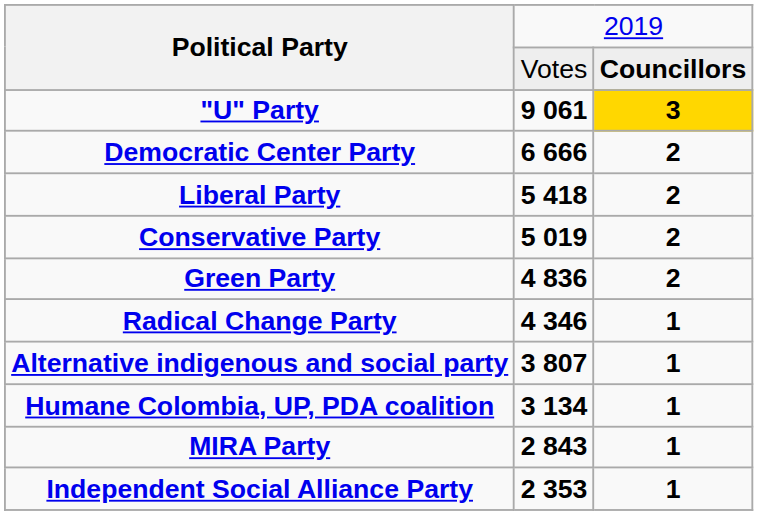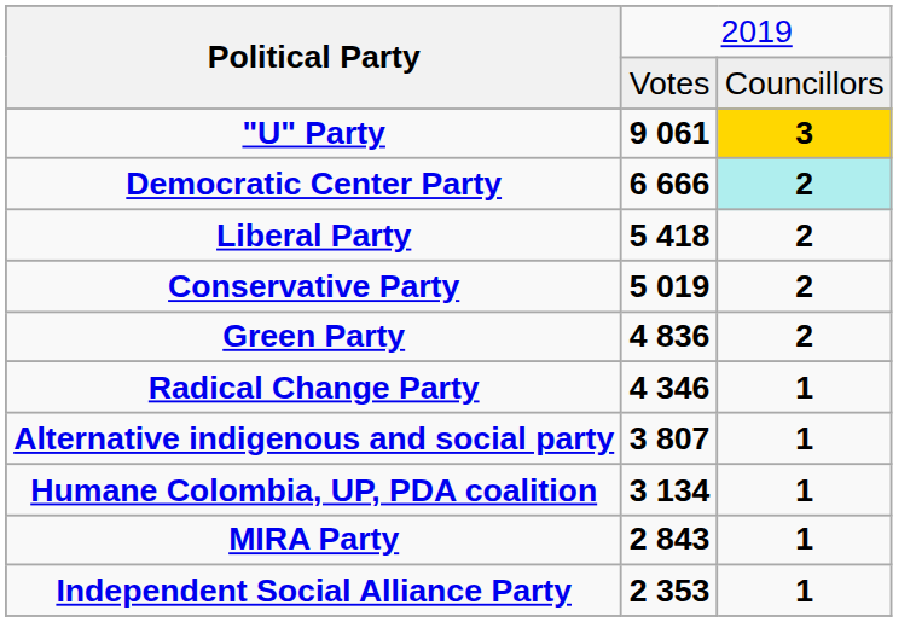 <table class="wikitable" style="font-size: 90%; text-align:center;" align="center">
 <tr>
 <th rowspan=2 colspan=1>Political Party</th>
 <td colspan=3><a href='#'>2019</a></td>
 </tr>
 <tr style="background:#eee">
 <td>Votes</td>
-<td><strong>Councillors</strong></td>
+<td>Councillors</td>
 </tr>
 <tr>
 <td><strong><a href='#'>"U" Party</a></strong></td>
 <td><strong>9 061</strong></td>
 <td style="background: gold;"><strong>3</strong></td>
 </tr>
 <tr>
 <td><strong><a href='#'>Democratic Center Party</a></strong></td>
 <td><strong>6 666</strong></td>
-<td><strong>2</strong></td>
+<td style="background: paleturquoise;"><strong>2</strong></td>
 </tr>
 <tr>
 <td><strong><a href='#'>Liberal Party</a></strong></td>
 <td><strong>5 418</strong></td>
 <td><strong>2</strong></td>
 </tr>
 <tr>
 <td><strong><a href='#'>Conservative Party</a></strong></td>
 <td><strong>5 019</strong></td>
 <td><strong>2</strong></td>
 </tr>
 <tr>
 <td><strong><a href='#'>Green Party</a></strong></td>
 <td><strong>4 836</strong></td>
 <td><strong>2</strong></td>
 </tr>
 <tr>
 <td><strong><a href='#'>Radical Change Party</a></strong></td>
 <td><strong>4 346</strong></td>
 <td><strong>1</strong></td>
 </tr>
 <tr>
 <td><strong><a href='#'> Alternative indigenous and social party</a></strong></td>
 <td><strong>3 807</strong></td>
 <td><strong>1</strong></td>
 </tr>
 <tr>
 <td><strong><a href='#'> Humane Colombia, UP, PDA coalition</a></strong></td>
 <td><strong>3 134</strong></td>
 <td><strong>1</strong></td>
 </tr>
 <tr>
 <td><strong><a href='#'> MIRA Party</a></strong></td>
 <td><strong>2 843</strong></td>
 <td><strong>1</strong></td>
 </tr>
 <tr>
 <td><strong><a href='#'> Independent Social Alliance Party</a></strong></td>
 <td><strong>2 353</strong></td>
 <td><strong>1</strong></td>
 </tr>
 </table>
